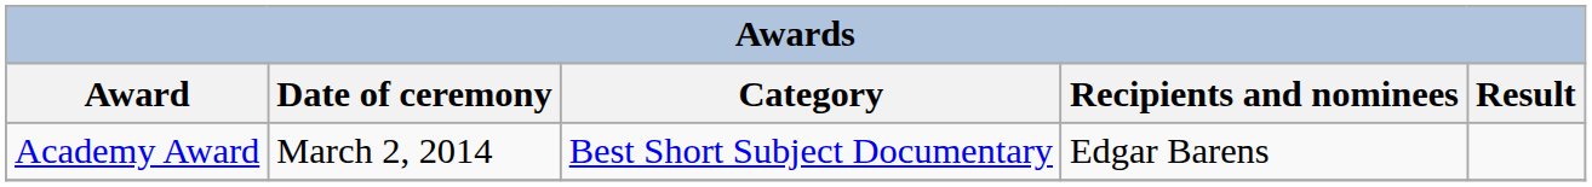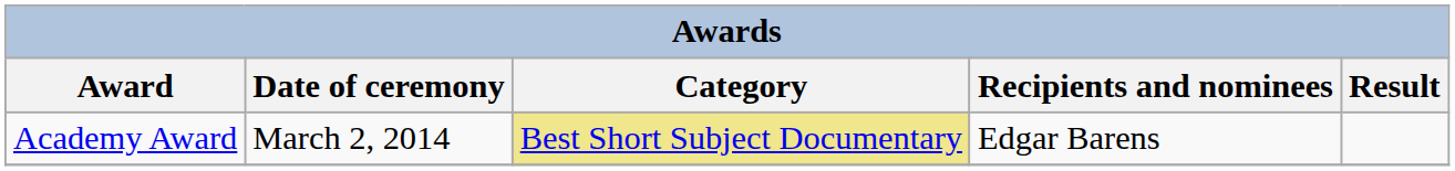 <table class="wikitable">
 <tr>
 <th colspan="5" style="background: LightSteelBlue;">Awards</th>
 </tr>
 <tr>
 <th>Award</th>
 <th>Date of ceremony</th>
 <th>Category</th>
 <th>Recipients and nominees</th>
 <th>Result</th>
 </tr>
 <tr>
 <td><a href='#'>Academy Award</a></td>
 <td>March 2, 2014</td>
-<td><a href='#'>Best Short Subject Documentary</a></td>
+<td style="background: khaki;"><a href='#'>Best Short Subject Documentary</a></td>
 <td>Edgar Barens</td>
 <td></td>
 </tr>
 <tr>
 </tr>
 </table>
